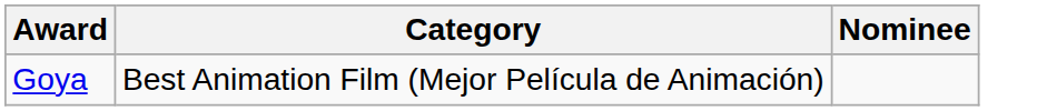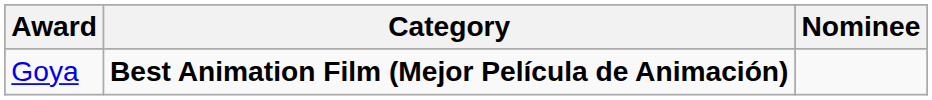 <table class="wikitable sortable">
 <tr>
 <th>Award</th>
 <th>Category</th>
 <th>Nominee</th>
 </tr>
 <tr>
 <td rowspan="2"><a href='#'>Goya</a></td>
-<td>Best Animation Film (Mejor Película de Animación)</td>
+<td><strong>Best Animation Film (Mejor Película de Animación)</strong></td>
 <td></td>
 </tr>
 </table>
